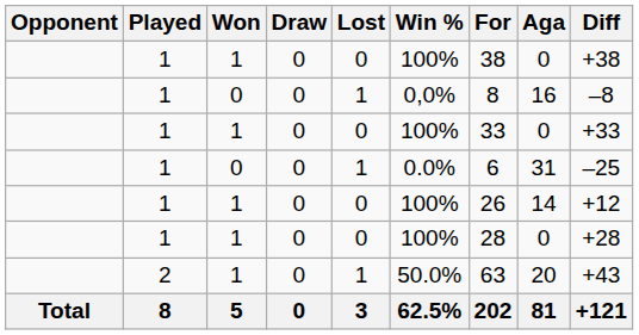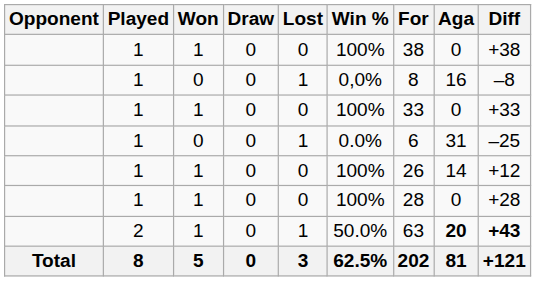 <table class=wikitable style=text-align:center>
 <tr>
 <th>Opponent</th>
 <th>Played</th>
 <th>Won</th>
 <th>Draw</th>
 <th>Lost</th>
 <th>Win %</th>
 <th>For</th>
 <th>Aga</th>
 <th>Diff</th>
 </tr>
 <tr>
 <td align=left></td>
 <td>1</td>
 <td>1</td>
 <td>0</td>
 <td>0</td>
 <td>100%</td>
 <td>38</td>
 <td>0</td>
 <td>+38</td>
 </tr>
 <tr>
 <td align=left></td>
 <td>1</td>
 <td>0</td>
 <td>0</td>
 <td>1</td>
 <td>0,0%</td>
 <td>8</td>
 <td>16</td>
 <td>–8</td>
 </tr>
 <tr>
 <td align=left></td>
 <td>1</td>
 <td>1</td>
 <td>0</td>
 <td>0</td>
 <td>100%</td>
 <td>33</td>
 <td>0</td>
 <td>+33</td>
 </tr>
 <tr>
 <td align=left></td>
 <td>1</td>
 <td>0</td>
 <td>0</td>
 <td>1</td>
 <td>0.0%</td>
 <td>6</td>
 <td>31</td>
 <td>–25</td>
 </tr>
 <tr>
 <td align=left></td>
 <td>1</td>
 <td>1</td>
 <td>0</td>
 <td>0</td>
 <td>100%</td>
 <td>26</td>
 <td>14</td>
 <td>+12</td>
 </tr>
 <tr>
 <td align=left></td>
 <td>1</td>
 <td>1</td>
 <td>0</td>
 <td>0</td>
 <td>100%</td>
 <td>28</td>
 <td>0</td>
 <td>+28</td>
 </tr>
 <tr>
 <td align=left></td>
 <td>2</td>
 <td>1</td>
 <td>0</td>
 <td>1</td>
 <td>50.0%</td>
 <td>63</td>
-<td>20</td>
-<td>+43</td>
+<td><strong>20</strong></td>
+<td><strong>+43</strong></td>
 </tr>
 <tr>
 <th rowspan=2>Total</th>
 <th>8</th>
 <th>5</th>
 <th>0</th>
 <th>3</th>
 <th>62.5%</th>
 <th>202</th>
 <th>81</th>
 <th>+121</th>
 </tr>
 </table>
